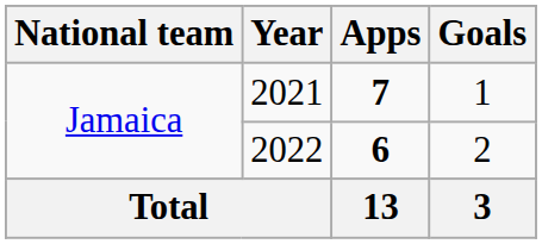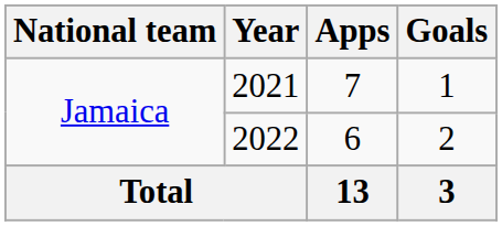 <table class=wikitable style="text-align: center;">
 <tr>
 <th>National team</th>
 <th>Year</th>
 <th>Apps</th>
 <th>Goals</th>
 </tr>
 <tr>
 <td rowspan="2"><a href='#'>Jamaica</a></td>
 <td>2021</td>
-<td><strong>7</strong></td>
+<td>7</td>
 <td>1</td>
 </tr>
 <tr>
 <td>2022</td>
-<td><strong>6</strong></td>
+<td>6</td>
 <td>2</td>
 </tr>
 <tr>
 <th colspan="2">Total</th>
 <th>13</th>
 <th>3</th>
 </tr>
 </table>
